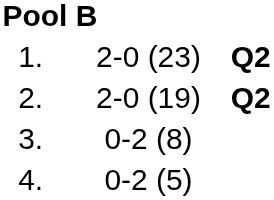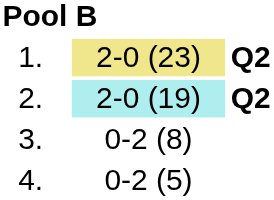 <table style="text-align:center">
 <tr>
 <td colspan=4 align=left><strong>Pool B</strong></td>
 </tr>
 <tr>
 <td width=30>1.</td>
 <td align=left></td>
-<td width=80>2-0 (23)</td>
+<td width=80 style="background: khaki;">2-0 (23)</td>
 <td><strong>Q2</strong></td>
 </tr>
 <tr>
 <td>2.</td>
 <td align=left></td>
-<td>2-0 (19)</td>
+<td style="background: paleturquoise;">2-0 (19)</td>
 <td><strong>Q2</strong></td>
 </tr>
 <tr>
 <td>3.</td>
 <td align=left></td>
 <td>0-2 (8)</td>
 <td></td>
 </tr>
 <tr>
 <td>4.</td>
 <td align=left></td>
 <td>0-2 (5)</td>
 <td></td>
 </tr>
 </table>
